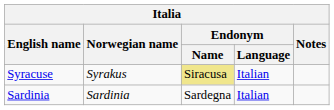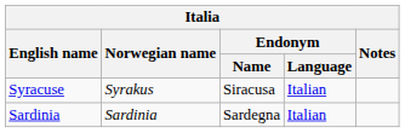 <table class="wikitable sortable">
 <tr>
 <th colspan="5"> Italia</th>
 </tr>
 <tr>
 <th rowspan="2">English name</th>
 <th rowspan="2">Norwegian name</th>
 <th colspan="2">Endonym</th>
 <th rowspan="2">Notes</th>
 </tr>
 <tr>
 <th>Name</th>
 <th>Language</th>
 </tr>
 <tr>
 <td><a href='#'>Syracuse</a></td>
 <td><em>Syrakus</em></td>
-<td style="background: khaki;">Siracusa</td>
+<td>Siracusa</td>
 <td><a href='#'>Italian</a></td>
 <td></td>
 </tr>
 <tr>
 <td><a href='#'>Sardinia</a></td>
 <td><em>Sardinia</em></td>
 <td>Sardegna</td>
 <td><a href='#'>Italian</a></td>
 <td></td>
 </tr>
 </table>
